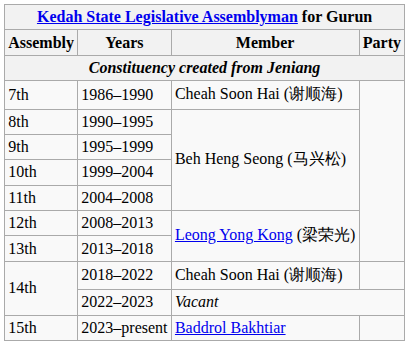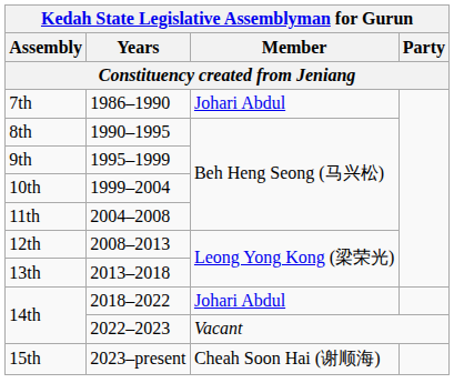 <table class="wikitable">
 <tr>
 <th colspan="4"><a href='#'>Kedah State Legislative Assemblyman</a> for Gurun</th>
 </tr>
 <tr>
 <th>Assembly</th>
 <th>Years</th>
 <th>Member</th>
 <th>Party</th>
 </tr>
 <tr>
 <th colspan="4" align="center"><em>Constituency created from Jeniang</em></th>
 </tr>
 <tr>
 <td>7th</td>
 <td>1986–1990</td>
-<td>Cheah Soon Hai (谢顺海)</td>
+<td><a href='#'>Johari Abdul</a></td>
 <td rowspan="7"></td>
 </tr>
 <tr>
 <td>8th</td>
 <td>1990–1995</td>
 <td rowspan="4">Beh Heng Seong (马兴松)</td>
 </tr>
 <tr>
 <td>9th</td>
 <td>1995–1999</td>
 </tr>
 <tr>
 <td>10th</td>
 <td>1999–2004</td>
 </tr>
 <tr>
 <td>11th</td>
 <td>2004–2008</td>
 </tr>
 <tr>
 <td>12th</td>
 <td>2008–2013</td>
 <td rowspan="2"><a href='#'>Leong Yong Kong</a> (梁荣光)</td>
 </tr>
 <tr>
 <td>13th</td>
 <td>2013–2018</td>
 </tr>
 <tr>
 <td rowspan=2>14th</td>
 <td>2018–2022</td>
-<td>Cheah Soon Hai (谢顺海)</td>
+<td><a href='#'>Johari Abdul</a></td>
 <td></td>
 </tr>
 <tr>
 <td>2022–2023</td>
 <td colspan="2"><em>Vacant</em></td>
 </tr>
 <tr>
 <td>15th</td>
 <td>2023–present</td>
-<td><a href='#'>Baddrol Bakhtiar</a></td>
+<td>Cheah Soon Hai (谢顺海)</td>
 <td></td>
 </tr>
 </table>
